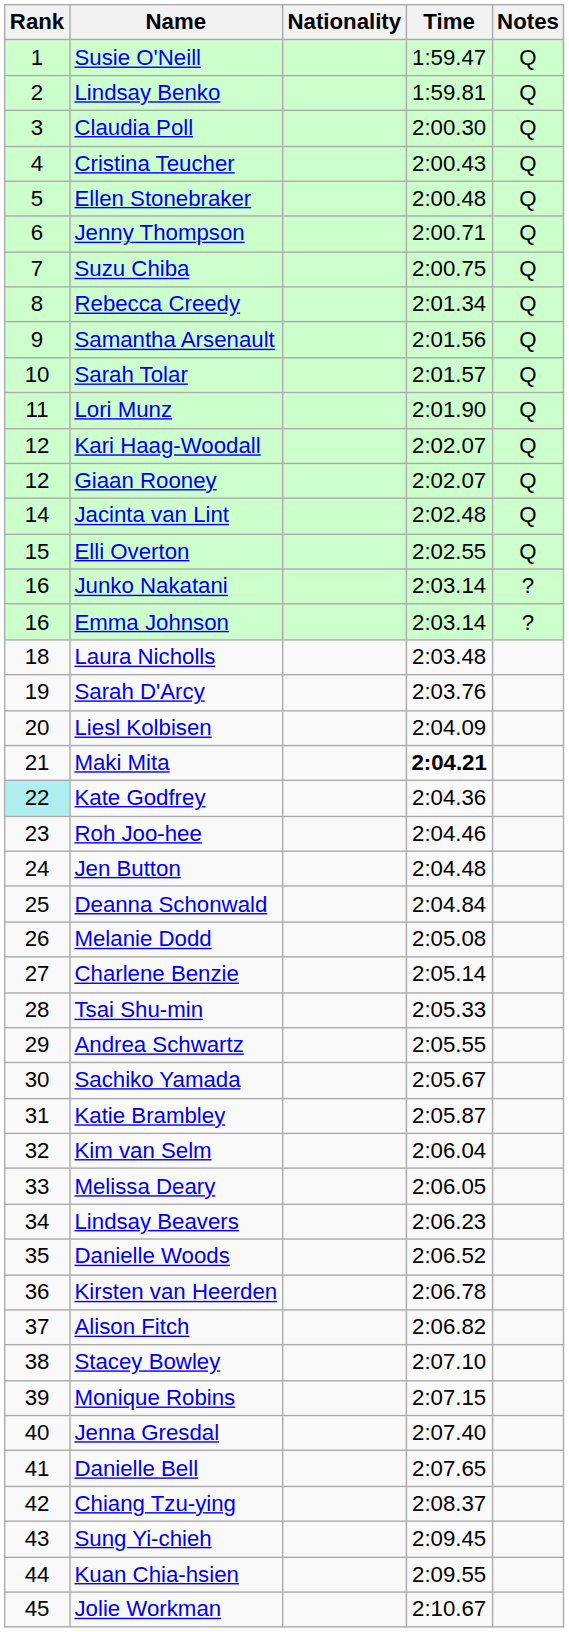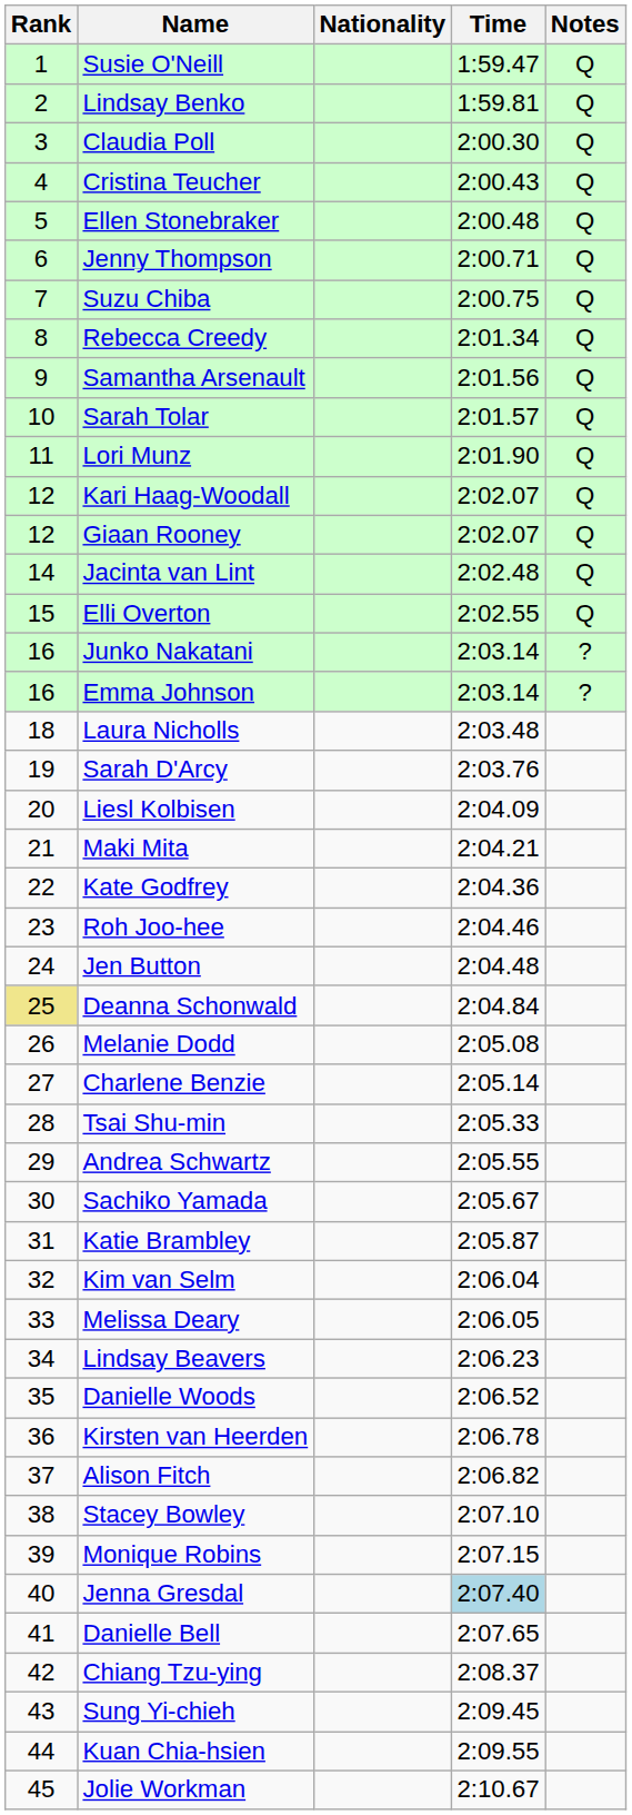 <table class="wikitable sortable" style="text-align:center">
 <tr>
 <th>Rank</th>
 <th>Name</th>
 <th>Nationality</th>
 <th>Time</th>
 <th>Notes</th>
 </tr>
 <tr bgcolor=ccffcc>
 <td>1</td>
 <td align=left><a href='#'>Susie O'Neill</a></td>
 <td align=left></td>
 <td>1:59.47</td>
 <td>Q</td>
 </tr>
 <tr bgcolor=ccffcc>
 <td>2</td>
 <td align=left><a href='#'>Lindsay Benko</a></td>
 <td align=left></td>
 <td>1:59.81</td>
 <td>Q</td>
 </tr>
 <tr bgcolor=ccffcc>
 <td>3</td>
 <td align=left><a href='#'>Claudia Poll</a></td>
 <td align=left></td>
 <td>2:00.30</td>
 <td>Q</td>
 </tr>
 <tr bgcolor=ccffcc>
 <td>4</td>
 <td align=left><a href='#'>Cristina Teucher</a></td>
 <td align=left></td>
 <td>2:00.43</td>
 <td>Q</td>
 </tr>
 <tr bgcolor=ccffcc>
 <td>5</td>
 <td align=left><a href='#'>Ellen Stonebraker</a></td>
 <td align=left></td>
 <td>2:00.48</td>
 <td>Q</td>
 </tr>
 <tr bgcolor=ccffcc>
 <td>6</td>
 <td align=left><a href='#'>Jenny Thompson</a></td>
 <td align=left></td>
 <td>2:00.71</td>
 <td>Q</td>
 </tr>
 <tr bgcolor=ccffcc>
 <td>7</td>
 <td align=left><a href='#'>Suzu Chiba</a></td>
 <td align=left></td>
 <td>2:00.75</td>
 <td>Q</td>
 </tr>
 <tr bgcolor=ccffcc>
 <td>8</td>
 <td align=left><a href='#'>Rebecca Creedy</a></td>
 <td align=left></td>
 <td>2:01.34</td>
 <td>Q</td>
 </tr>
 <tr bgcolor=ccffcc>
 <td>9</td>
 <td align=left><a href='#'>Samantha Arsenault</a></td>
 <td align=left></td>
 <td>2:01.56</td>
 <td>Q</td>
 </tr>
 <tr bgcolor=ccffcc>
 <td>10</td>
 <td align=left><a href='#'>Sarah Tolar</a></td>
 <td align=left></td>
 <td>2:01.57</td>
 <td>Q</td>
 </tr>
 <tr bgcolor=ccffcc>
 <td>11</td>
 <td align=left><a href='#'>Lori Munz</a></td>
 <td align=left></td>
 <td>2:01.90</td>
 <td>Q</td>
 </tr>
 <tr bgcolor=ccffcc>
 <td>12</td>
 <td align=left><a href='#'>Kari Haag-Woodall</a></td>
 <td align=left></td>
 <td>2:02.07</td>
 <td>Q</td>
 </tr>
 <tr bgcolor=ccffcc>
 <td>12</td>
 <td align=left><a href='#'>Giaan Rooney</a></td>
 <td align=left></td>
 <td>2:02.07</td>
 <td>Q</td>
 </tr>
 <tr bgcolor=ccffcc>
 <td>14</td>
 <td align=left><a href='#'>Jacinta van Lint</a></td>
 <td align=left></td>
 <td>2:02.48</td>
 <td>Q</td>
 </tr>
 <tr bgcolor=ccffcc>
 <td>15</td>
 <td align=left><a href='#'>Elli Overton</a></td>
 <td align=left></td>
 <td>2:02.55</td>
 <td>Q</td>
 </tr>
 <tr bgcolor=ccffcc>
 <td>16</td>
 <td align=left><a href='#'>Junko Nakatani</a></td>
 <td align=left></td>
 <td>2:03.14</td>
 <td>?</td>
 </tr>
 <tr bgcolor=ccffcc>
 <td>16</td>
 <td align=left><a href='#'>Emma Johnson</a></td>
 <td align=left></td>
 <td>2:03.14</td>
 <td>?</td>
 </tr>
 <tr>
 <td>18</td>
 <td align=left><a href='#'>Laura Nicholls</a></td>
 <td align=left></td>
 <td>2:03.48</td>
 <td></td>
 </tr>
 <tr>
 <td>19</td>
 <td align=left><a href='#'>Sarah D'Arcy</a></td>
 <td align=left></td>
 <td>2:03.76</td>
 <td></td>
 </tr>
 <tr>
 <td>20</td>
 <td align=left><a href='#'>Liesl Kolbisen</a></td>
 <td align=left></td>
 <td>2:04.09</td>
 <td></td>
 </tr>
 <tr>
 <td>21</td>
 <td align=left><a href='#'>Maki Mita</a></td>
 <td align=left></td>
-<td><strong>2:04.21</strong></td>
+<td>2:04.21</td>
 <td></td>
 </tr>
 <tr>
-<td style="background: paleturquoise;">22</td>
+<td>22</td>
 <td align=left><a href='#'>Kate Godfrey</a></td>
 <td align=left></td>
 <td>2:04.36</td>
 <td></td>
 </tr>
 <tr>
 <td>23</td>
 <td align=left><a href='#'>Roh Joo-hee</a></td>
 <td align=left></td>
 <td>2:04.46</td>
 <td></td>
 </tr>
 <tr>
 <td>24</td>
 <td align=left><a href='#'>Jen Button</a></td>
 <td align=left></td>
 <td>2:04.48</td>
 <td></td>
 </tr>
 <tr>
-<td>25</td>
+<td style="background: khaki;">25</td>
 <td align=left><a href='#'>Deanna Schonwald</a></td>
 <td align=left></td>
 <td>2:04.84</td>
 <td></td>
 </tr>
 <tr>
 <td>26</td>
 <td align=left><a href='#'>Melanie Dodd</a></td>
 <td align=left></td>
 <td>2:05.08</td>
 <td></td>
 </tr>
 <tr>
 <td>27</td>
 <td align=left><a href='#'>Charlene Benzie</a></td>
 <td align=left></td>
 <td>2:05.14</td>
 <td></td>
 </tr>
 <tr>
 <td>28</td>
 <td align=left><a href='#'>Tsai Shu-min</a></td>
 <td align=left></td>
 <td>2:05.33</td>
 <td></td>
 </tr>
 <tr>
 <td>29</td>
 <td align=left><a href='#'>Andrea Schwartz</a></td>
 <td align=left></td>
 <td>2:05.55</td>
 <td></td>
 </tr>
 <tr>
 <td>30</td>
 <td align=left><a href='#'>Sachiko Yamada</a></td>
 <td align=left></td>
 <td>2:05.67</td>
 <td></td>
 </tr>
 <tr>
 <td>31</td>
 <td align=left><a href='#'>Katie Brambley</a></td>
 <td align=left></td>
 <td>2:05.87</td>
 <td></td>
 </tr>
 <tr>
 <td>32</td>
 <td align=left><a href='#'>Kim van Selm</a></td>
 <td align=left></td>
 <td>2:06.04</td>
 <td></td>
 </tr>
 <tr>
 <td>33</td>
 <td align=left><a href='#'>Melissa Deary</a></td>
 <td align=left></td>
 <td>2:06.05</td>
 <td></td>
 </tr>
 <tr>
 <td>34</td>
 <td align=left><a href='#'>Lindsay Beavers</a></td>
 <td align=left></td>
 <td>2:06.23</td>
 <td></td>
 </tr>
 <tr>
 <td>35</td>
 <td align=left><a href='#'>Danielle Woods</a></td>
 <td align=left></td>
 <td>2:06.52</td>
 <td></td>
 </tr>
 <tr>
 <td>36</td>
 <td align=left><a href='#'>Kirsten van Heerden</a></td>
 <td align=left></td>
 <td>2:06.78</td>
 <td></td>
 </tr>
 <tr>
 <td>37</td>
 <td align=left><a href='#'>Alison Fitch</a></td>
 <td align=left></td>
 <td>2:06.82</td>
 <td></td>
 </tr>
 <tr>
 <td>38</td>
 <td align=left><a href='#'>Stacey Bowley</a></td>
 <td align=left></td>
 <td>2:07.10</td>
 <td></td>
 </tr>
 <tr>
 <td>39</td>
 <td align=left><a href='#'>Monique Robins</a></td>
 <td align=left></td>
 <td>2:07.15</td>
 <td></td>
 </tr>
 <tr>
 <td>40</td>
 <td align=left><a href='#'>Jenna Gresdal</a></td>
 <td align=left></td>
-<td>2:07.40</td>
+<td style="background: lightblue;">2:07.40</td>
 <td></td>
 </tr>
 <tr>
 <td>41</td>
 <td align=left><a href='#'>Danielle Bell</a></td>
 <td align=left></td>
 <td>2:07.65</td>
 <td></td>
 </tr>
 <tr>
 <td>42</td>
 <td align=left><a href='#'>Chiang Tzu-ying</a></td>
 <td align=left></td>
 <td>2:08.37</td>
 <td></td>
 </tr>
 <tr>
 <td>43</td>
 <td align=left><a href='#'>Sung Yi-chieh</a></td>
 <td align=left></td>
 <td>2:09.45</td>
 <td></td>
 </tr>
 <tr>
 <td>44</td>
 <td align=left><a href='#'>Kuan Chia-hsien</a></td>
 <td align=left></td>
 <td>2:09.55</td>
 <td></td>
 </tr>
 <tr>
 <td>45</td>
 <td align=left><a href='#'>Jolie Workman</a></td>
 <td align=left></td>
 <td>2:10.67</td>
 <td></td>
 </tr>
 </table>
